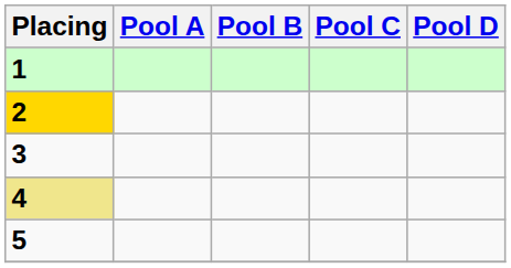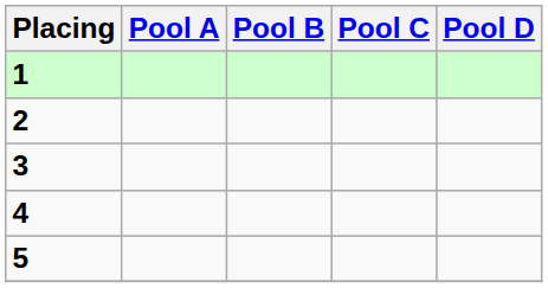 <table class=wikitable style="border:1px solid #AAAAAA;">
 <tr>
 <th>Placing</th>
 <th><a href='#'>Pool A</a></th>
 <th><a href='#'>Pool B</a></th>
 <th><a href='#'>Pool C</a></th>
 <th><a href='#'>Pool D</a></th>
 </tr>
 <tr style="background: #ccffcc;">
 <td><strong>1</strong></td>
 <td></td>
 <td></td>
 <td></td>
 <td></td>
 </tr>
 <tr>
-<td style="background: gold;"><strong>2</strong></td>
+<td><strong>2</strong></td>
 <td></td>
 <td></td>
 <td></td>
 <td></td>
 </tr>
 <tr>
 <td><strong>3</strong></td>
 <td></td>
 <td></td>
 <td></td>
 <td></td>
 </tr>
 <tr>
-<td style="background: khaki;"><strong>4</strong></td>
+<td><strong>4</strong></td>
 <td></td>
 <td></td>
 <td></td>
 <td></td>
 </tr>
 <tr>
 <td><strong>5</strong></td>
 <td> </td>
 <td> </td>
 <td></td>
 <td></td>
 </tr>
 <tr>
 </tr>
 </table>
